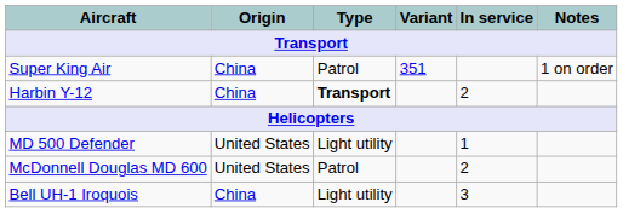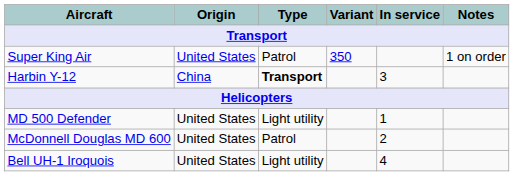 <table class="wikitable">
 <tr>
 <th style="text-align:center; background:#acc;">Aircraft</th>
 <th style="text-align: center; background:#acc;">Origin</th>
 <th style="text-align:l center; background:#acc;">Type</th>
 <th style="text-align:left; background:#acc;">Variant</th>
 <th style="text-align:center; background:#acc;">In service</th>
 <th style="text-align: center; background:#acc;">Notes</th>
 </tr>
 <tr>
 <th style="align: center; background: lavender;" colspan="7"><a href='#'>Transport</a></th>
 </tr>
 <tr>
 <td><a href='#'>Super King Air</a></td>
-<td><a href='#'>China</a></td>
+<td><a href='#'>United States</a></td>
 <td>Patrol</td>
-<td><a href='#'>351</a></td>
+<td><a href='#'>350</a></td>
 <td></td>
 <td>1 on order</td>
 </tr>
 <tr>
 <td><a href='#'>Harbin Y-12</a></td>
 <td><a href='#'>China</a></td>
 <td><strong>Transport</strong></td>
 <td></td>
-<td>2</td>
+<td>3</td>
 <td></td>
 </tr>
 <tr>
 <th style="align: center; background: lavender;" colspan="7"><a href='#'>Helicopters</a></th>
 </tr>
 <tr>
 <td><a href='#'> MD 500 Defender</a></td>
 <td>United States</td>
 <td>Light utility</td>
 <td></td>
 <td>1</td>
 <td></td>
 </tr>
 <tr>
 <td><a href='#'>McDonnell Douglas MD 600</a></td>
 <td>United States</td>
 <td>Patrol</td>
 <td></td>
 <td>2</td>
 <td></td>
 </tr>
 <tr>
 <td><a href='#'>Bell UH-1 Iroquois</a></td>
-<td><a href='#'>China</a></td>
+<td>United States</td>
 <td>Light utility</td>
 <td></td>
-<td>3</td>
+<td>4</td>
 <td></td>
 </tr>
 </table>
